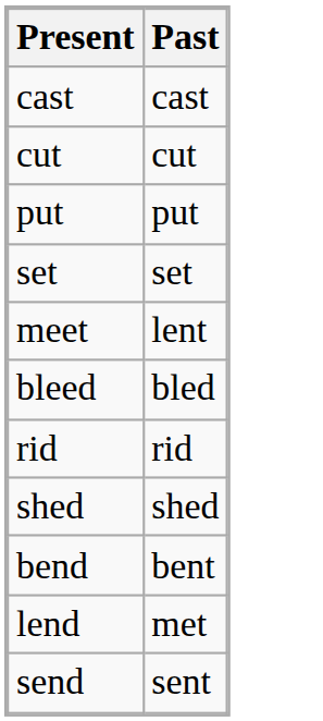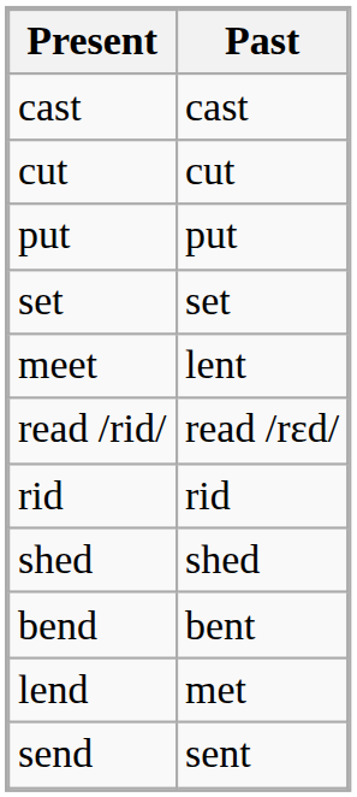 <table class="wikitable" style="display: inline-block">
 <tr>
 <th>Present</th>
 <th>Past</th>
 </tr>
 <tr>
 <td>cast</td>
 <td>cast</td>
 </tr>
 <tr>
 <td>cut</td>
 <td>cut</td>
 </tr>
 <tr>
 <td>put</td>
 <td>put</td>
 </tr>
 <tr>
 <td>set</td>
 <td>set</td>
 </tr>
 <tr>
 <td>meet</td>
 <td>lent</td>
 </tr>
 <tr>
-<td>bleed</td>
-<td>bled</td>
+<td>read /rid/</td>
+<td>read /rɛd/</td>
 </tr>
 <tr>
 <td>rid</td>
 <td>rid</td>
 </tr>
 <tr>
 <td>shed</td>
 <td>shed</td>
 </tr>
 <tr>
 <td>bend</td>
 <td>bent</td>
 </tr>
 <tr>
 <td>lend</td>
 <td>met</td>
 </tr>
 <tr>
 <td>send</td>
 <td>sent</td>
 </tr>
 </table>
